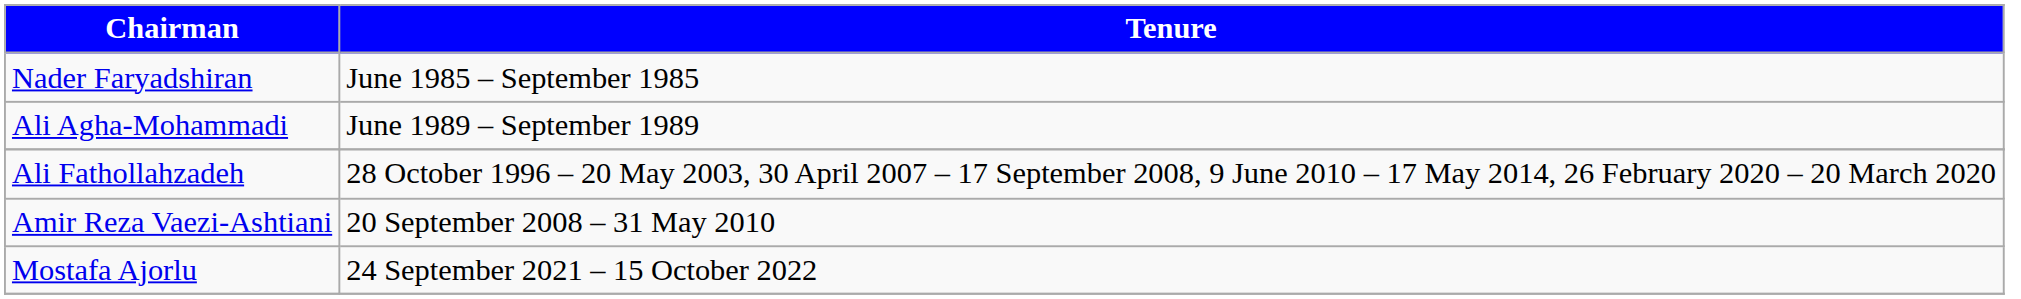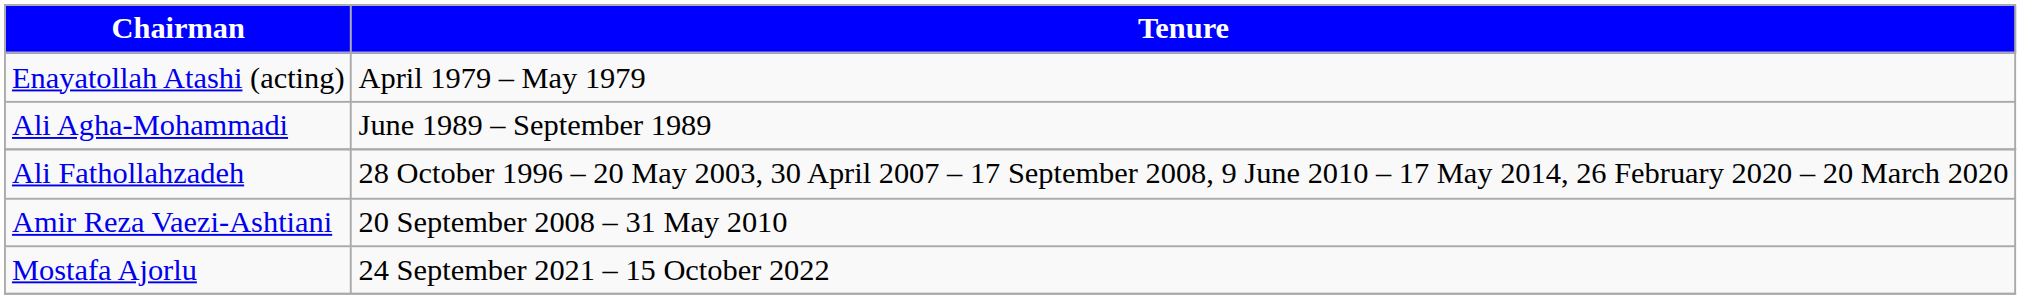 <table class="wikitable">
 <tr>
 <th style="background:#0000FF; color:#FFFFFF; ">Chairman</th>
 <th style="background:#0000FF; color:#FFFFFF; ">Tenure</th>
 </tr>
 <tr>
-<td> <a href='#'>Nader Faryadshiran</a></td>
-<td>June 1985 – September 1985</td>
+<td> <a href='#'>Enayatollah Atashi</a> (acting)</td>
+<td>April 1979 – May 1979</td>
 </tr>
 <tr>
 <td> <a href='#'>Ali Agha-Mohammadi</a></td>
 <td>June 1989 – September 1989</td>
 </tr>
 <tr>
 </tr>
 <tr>
 <td> <a href='#'>Ali Fathollahzadeh</a></td>
 <td>28 October 1996 – 20 May 2003, 30 April 2007 – 17 September 2008, 9 June 2010 – 17 May 2014, 26 February 2020 – 20 March 2020</td>
 </tr>
 <tr>
 <td> <a href='#'>Amir Reza Vaezi-Ashtiani</a></td>
 <td>20 September 2008 – 31 May 2010</td>
 </tr>
 <tr>
 <td> <a href='#'>Mostafa Ajorlu</a></td>
 <td>24 September 2021 – 15 October 2022</td>
 </tr>
 <tr>
 </tr>
 </table>
